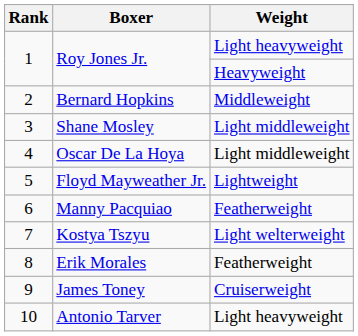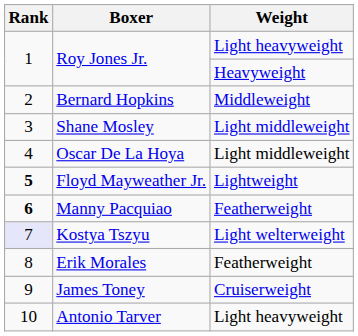 <table class="wikitable ">
 <tr>
 <th>Rank</th>
 <th>Boxer</th>
 <th>Weight</th>
 </tr>
 <tr>
 <td rowspan=2 align=center>1</td>
 <td rowspan=2><a href='#'>Roy Jones Jr.</a></td>
 <td><a href='#'>Light heavyweight</a></td>
 </tr>
 <tr>
 <td><a href='#'>Heavyweight</a></td>
 </tr>
 <tr>
 <td align=center>2</td>
 <td><a href='#'>Bernard Hopkins</a></td>
 <td><a href='#'>Middleweight</a></td>
 </tr>
 <tr>
 <td align=center>3</td>
 <td><a href='#'>Shane Mosley</a></td>
 <td><a href='#'>Light middleweight</a></td>
 </tr>
 <tr>
 <td align=center>4</td>
 <td><a href='#'>Oscar De La Hoya</a></td>
 <td>Light middleweight</td>
 </tr>
 <tr>
-<td align=center>5</td>
+<td align=center><strong>5</strong></td>
 <td><a href='#'>Floyd Mayweather Jr.</a></td>
 <td><a href='#'>Lightweight</a></td>
 </tr>
 <tr>
-<td align=center>6</td>
+<td align=center><strong>6</strong></td>
 <td><a href='#'>Manny Pacquiao</a></td>
 <td><a href='#'>Featherweight</a></td>
 </tr>
 <tr>
-<td align=center>7</td>
+<td align=center style="background: lavender;">7</td>
 <td><a href='#'>Kostya Tszyu</a></td>
 <td><a href='#'>Light welterweight</a></td>
 </tr>
 <tr>
 <td align=center>8</td>
 <td><a href='#'>Erik Morales</a></td>
 <td>Featherweight</td>
 </tr>
 <tr>
 <td align=center>9</td>
 <td><a href='#'>James Toney</a></td>
 <td><a href='#'>Cruiserweight</a></td>
 </tr>
 <tr>
 <td align=center>10</td>
 <td><a href='#'>Antonio Tarver</a></td>
 <td>Light heavyweight</td>
 </tr>
 </table>
